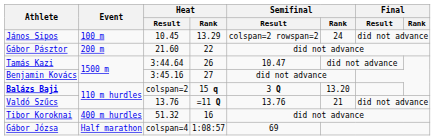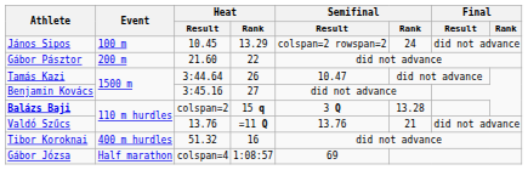 <table class="wikitable" style="font-size:90%">
 <tr>
 <th rowspan=2>Athlete</th>
 <th rowspan=2>Event</th>
 <th colspan=2>Heat</th>
 <th colspan=2>Semifinal</th>
 <th colspan=2>Final</th>
 </tr>
 <tr style="font-size:95%">
 <th>Result</th>
 <th>Rank</th>
 <th>Result</th>
 <th>Rank</th>
 <th>Result</th>
 <th>Rank</th>
 </tr>
 <tr align=center>
 <td align=left><a href='#'>János Sipos</a></td>
 <td style="text-align:left;"><a href='#'>100 m</a></td>
 <td>10.45</td>
 <td>13.29 <strong></strong></td>
 <td>colspan=2 rowspan=2 </td>
 <td>24</td>
 <td colspan=2>did not advance</td>
 </tr>
 <tr align=center>
 <td align=left><a href='#'>Gábor Pásztor</a></td>
 <td style="text-align:left;"><a href='#'>200 m</a></td>
 <td>21.60</td>
 <td>22</td>
 <td colspan=4>did not advance</td>
 </tr>
 <tr align=center>
 <td align=left><a href='#'>Tamás Kazi</a></td>
 <td style="text-align:left;" rowspan=2><a href='#'>1500 m</a></td>
 <td>3:44.64</td>
 <td>26</td>
 <td>10.47</td>
 <td colspan=2>did not advance</td>
 </tr>
 <tr align=center>
 <td align=left><a href='#'>Benjamin Kovács</a></td>
 <td>3:45.16</td>
 <td>27</td>
 <td colspan=2>did not advance</td>
 </tr>
 <tr align=center>
 <td align=left><strong><a href='#'>Balázs Baji</a></strong></td>
 <td style="text-align:left;" rowspan=2><a href='#'>110 m hurdles</a></td>
 <td>colspan=2 </td>
 <td>15 <strong>q</strong></td>
 <td>3 <strong>Q</strong></td>
-<td>13.20 <strong></strong></td>
+<td>13.28 <strong></strong></td>
 <td></td>
 </tr>
 <tr align=center>
 <td align=left><a href='#'>Valdó Szűcs</a></td>
 <td>13.76</td>
 <td>=11 <strong>Q</strong></td>
 <td>13.76</td>
 <td>21</td>
 <td colspan=2>did not advance</td>
 </tr>
 <tr align=center>
 <td align=left><a href='#'>Tibor Koroknai</a></td>
 <td style="text-align:left;"><a href='#'>400 m hurdles</a></td>
 <td>51.32</td>
 <td>16</td>
 <td colspan=4>did not advance</td>
 </tr>
 <tr align=center>
 <td align=left><a href='#'>Gábor Józsa</a></td>
 <td style="text-align:left;"><a href='#'>Half marathon</a></td>
 <td>colspan=4 </td>
 <td>1:08:57</td>
 <td>69</td>
 </tr>
 </table>
